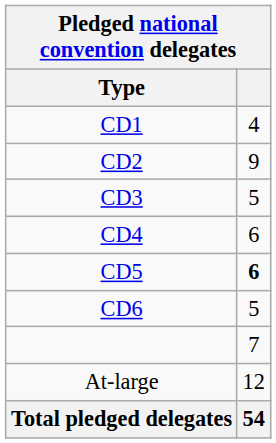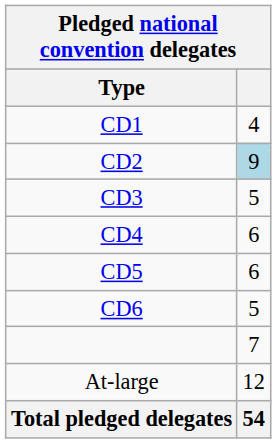 <table class="wikitable sortable" style="font-size:90%;text-align:center;float:right;padding:5px;">
 <tr>
 <th colspan="2">Pledged <a href='#'>national<br>convention</a> delegates</th>
 </tr>
 <tr>
 <th>Type</th>
 <th></th>
 </tr>
 <tr>
 <td><a href='#'>CD1</a></td>
 <td>4</td>
 </tr>
 <tr>
 <td><a href='#'>CD2</a></td>
-<td>9</td>
+<td style="background: lightblue;">9</td>
 </tr>
 <tr>
 <td><a href='#'>CD3</a></td>
 <td>5</td>
 </tr>
 <tr>
 <td><a href='#'>CD4</a></td>
 <td>6</td>
 </tr>
 <tr>
 <td><a href='#'>CD5</a></td>
-<td><strong>6</strong></td>
+<td>6</td>
 </tr>
 <tr>
 <td><a href='#'>CD6</a></td>
 <td>5</td>
 </tr>
 <tr>
 <td></td>
 <td>7</td>
 </tr>
 <tr>
 <td>At-large</td>
 <td>12</td>
 </tr>
 <tr>
 <th>Total pledged delegates</th>
 <th>54</th>
 </tr>
 </table>
